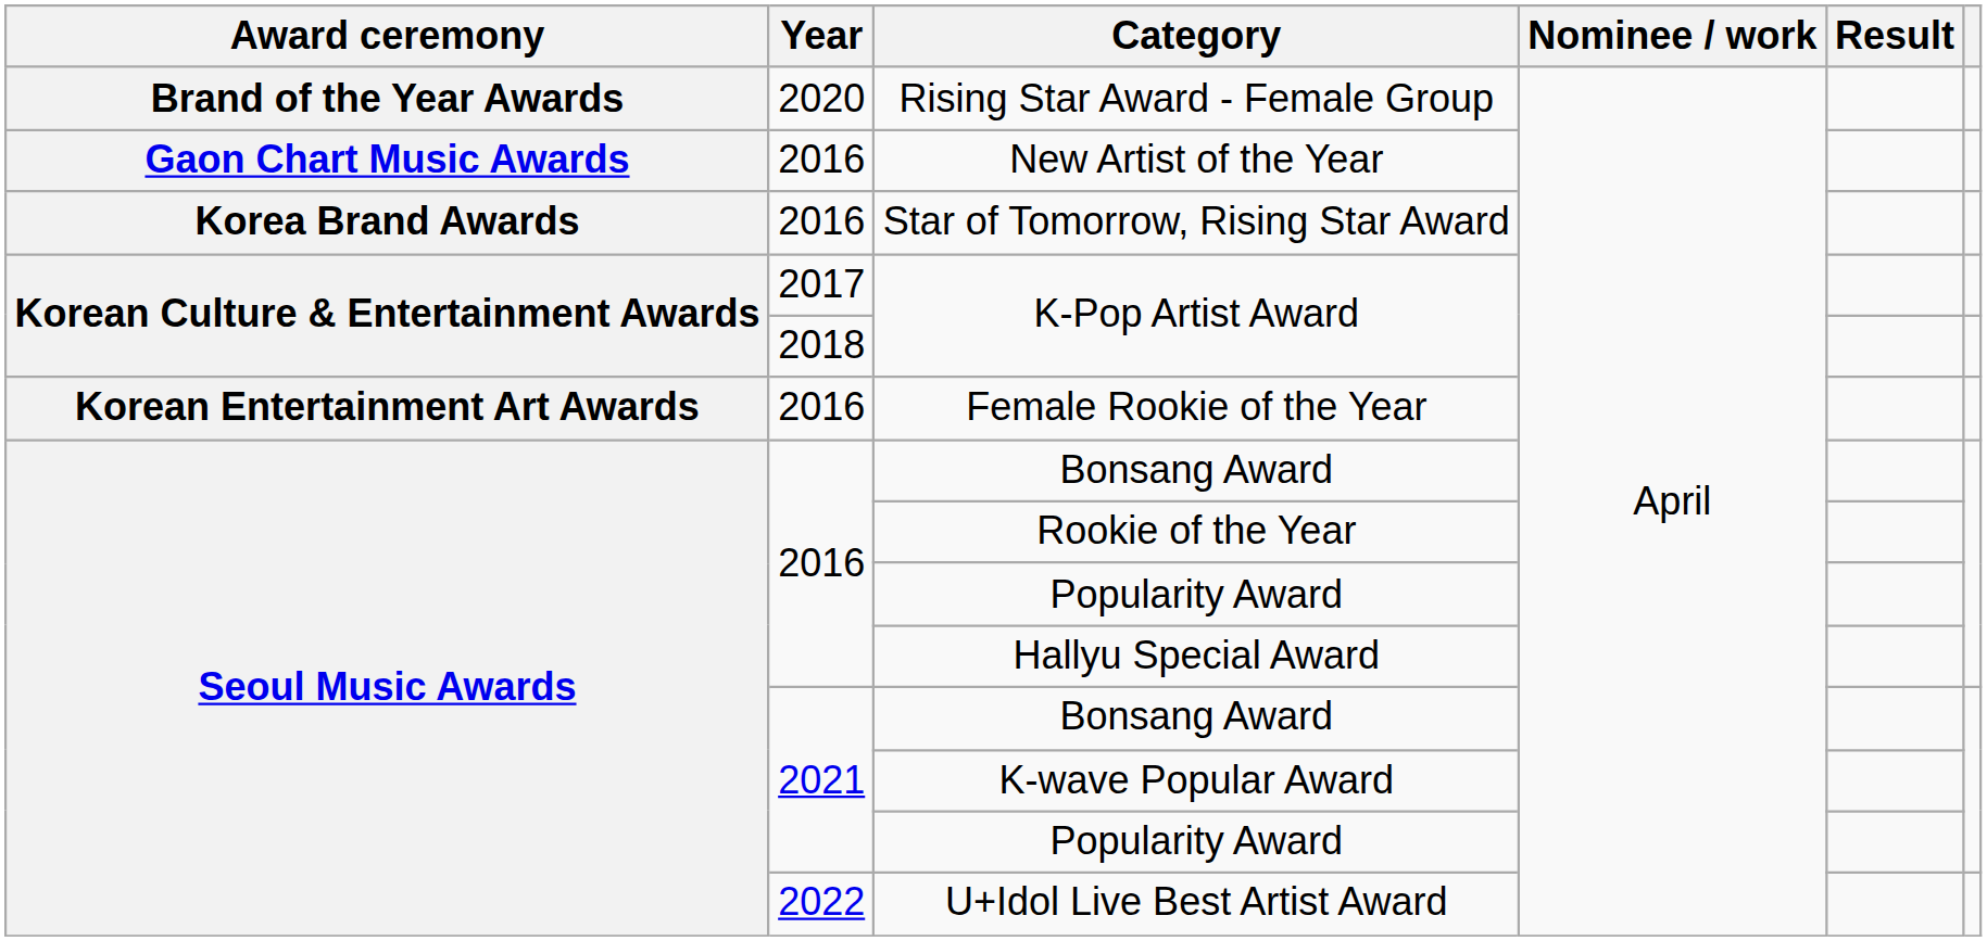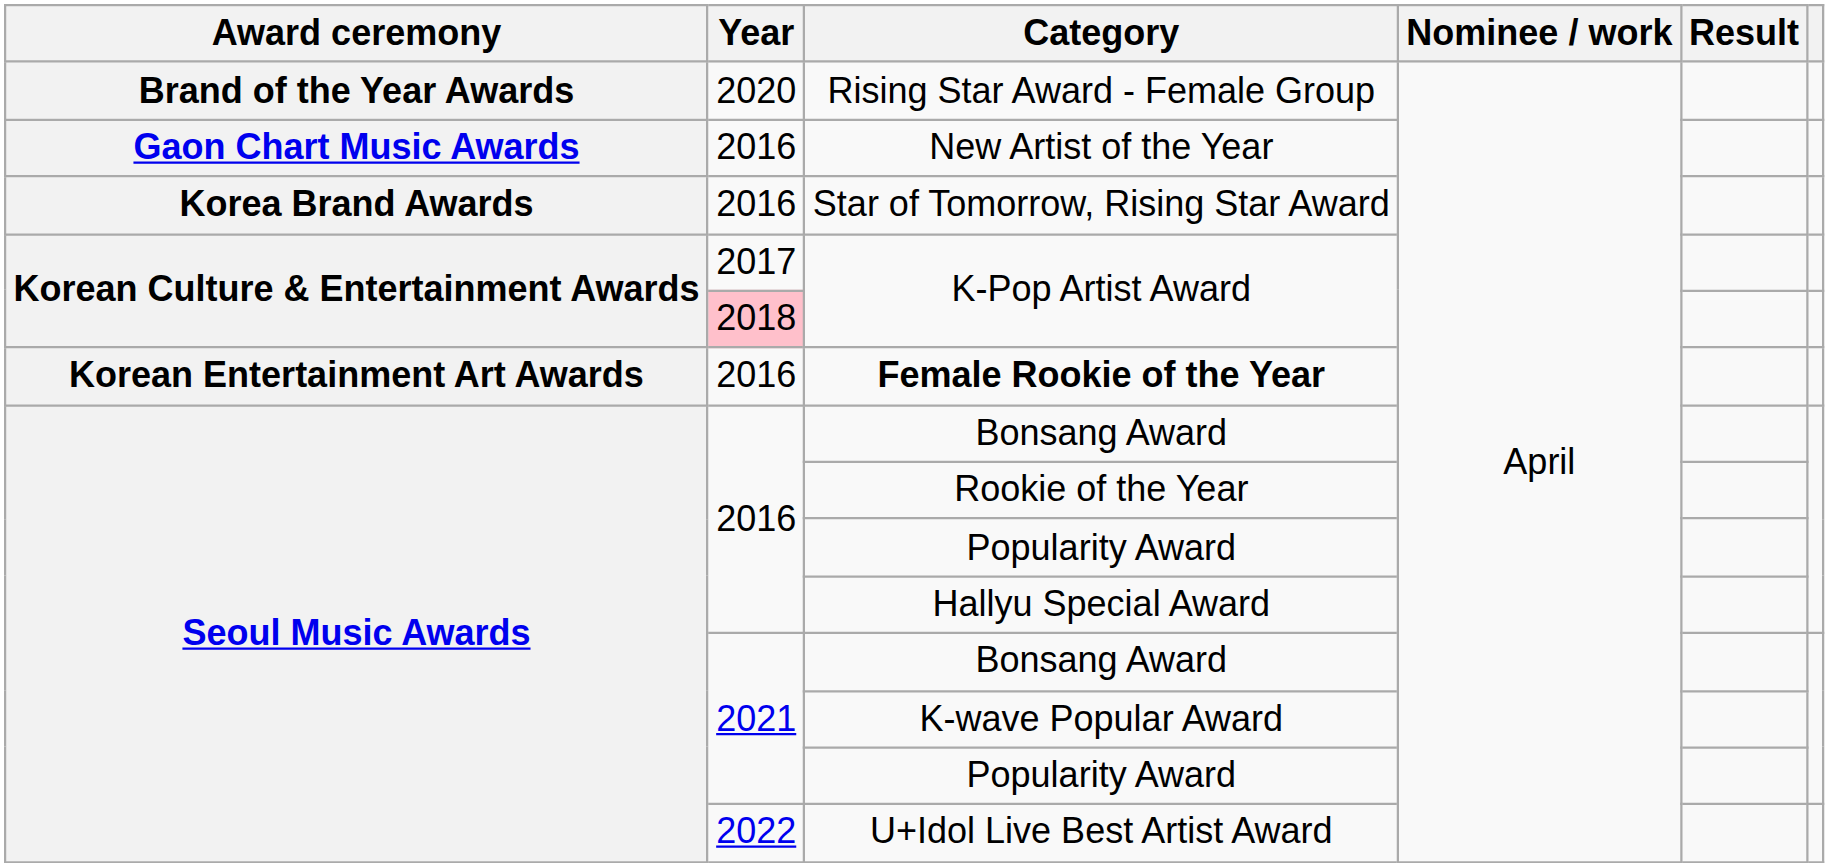 <table class="wikitable sortable plainrowheaders" style="text-align:center">
 <tr>
 <th scope="col">Award ceremony</th>
 <th scope="col">Year</th>
 <th scope="col">Category</th>
 <th scope="col">Nominee / work</th>
 <th scope="col">Result</th>
 <th scope="col"></th>
 </tr>
 <tr>
 <th scope="row">Brand of the Year Awards</th>
 <td>2020</td>
 <td>Rising Star Award - Female Group</td>
 <td rowspan="14">April</td>
 <td></td>
 <td></td>
 </tr>
 <tr>
 <th scope="row"><a href='#'>Gaon Chart Music Awards</a></th>
 <td>2016</td>
 <td>New Artist of the Year</td>
 <td></td>
 <td></td>
 </tr>
 <tr>
 <th scope="row">Korea Brand Awards</th>
 <td>2016</td>
 <td>Star of Tomorrow, Rising Star Award</td>
 <td></td>
 <td></td>
 </tr>
 <tr>
 <th scope="row" rowspan="2">Korean Culture & Entertainment Awards</th>
 <td>2017</td>
 <td rowspan="2">K-Pop Artist Award</td>
 <td></td>
 <td></td>
 </tr>
 <tr>
-<td>2018</td>
+<td style="background: pink;">2018</td>
 <td></td>
 <td></td>
 </tr>
 <tr>
 <th scope="row">Korean Entertainment Art Awards</th>
 <td>2016</td>
-<td>Female Rookie of the Year</td>
+<td><strong>Female Rookie of the Year</strong></td>
 <td></td>
 <td></td>
 </tr>
 <tr>
 <th scope="row" rowspan="8"><a href='#'>Seoul Music Awards</a></th>
 <td rowspan="4">2016</td>
 <td>Bonsang Award</td>
 <td></td>
 <td rowspan="4"></td>
 </tr>
 <tr>
 <td>Rookie of the Year</td>
 <td></td>
 </tr>
 <tr>
 <td>Popularity Award</td>
 <td></td>
 </tr>
 <tr>
 <td>Hallyu Special Award</td>
 <td></td>
 </tr>
 <tr>
 <td rowspan="3"><a href='#'>2021</a></td>
 <td>Bonsang Award</td>
 <td></td>
 <td rowspan="3"></td>
 </tr>
 <tr>
 <td>K-wave Popular Award</td>
 <td></td>
 </tr>
 <tr>
 <td>Popularity Award</td>
 <td></td>
 </tr>
 <tr>
 <td><a href='#'>2022</a></td>
 <td>U+Idol Live Best Artist Award</td>
 <td></td>
 <td></td>
 </tr>
 </table>
